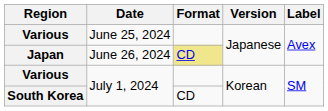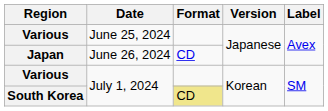 <table class="wikitable plainrowheaders">
 <tr>
 <th scope="col">Region</th>
 <th scope="col">Date</th>
 <th scope="col">Format</th>
 <th scope="col">Version</th>
 <th scope="col">Label</th>
 </tr>
 <tr>
 <th scope="row">Various</th>
 <td>June 25, 2024</td>
 <td></td>
 <td rowspan="2">Japanese</td>
 <td rowspan="2"><a href='#'>Avex</a></td>
 </tr>
 <tr>
 <th scope="row">Japan</th>
 <td>June 26, 2024</td>
-<td style="background: khaki;"><a href='#'>CD</a></td>
+<td><a href='#'>CD</a></td>
 </tr>
 <tr>
 <th scope="row">Various</th>
 <td rowspan="2">July 1, 2024</td>
 <td></td>
 <td rowspan="2">Korean</td>
 <td rowspan="2"><a href='#'>SM</a></td>
 </tr>
 <tr>
 <th scope="row">South Korea</th>
-<td>CD</td>
+<td style="background: khaki;">CD</td>
 </tr>
 </table>
